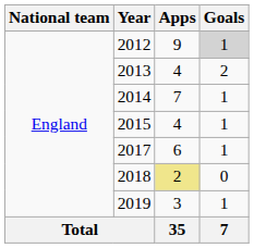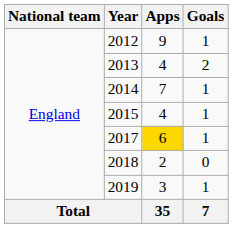 <table class="wikitable" style="text-align: center;">
 <tr>
 <th>National team</th>
 <th>Year</th>
 <th>Apps</th>
 <th>Goals</th>
 </tr>
 <tr>
 <td rowspan="7"><a href='#'>England</a></td>
 <td>2012</td>
 <td>9</td>
-<td style="background: lightgrey;">1</td>
+<td>1</td>
 </tr>
 <tr>
 <td>2013</td>
 <td>4</td>
 <td>2</td>
 </tr>
 <tr>
 <td>2014</td>
 <td>7</td>
 <td>1</td>
 </tr>
 <tr>
 <td>2015</td>
 <td>4</td>
 <td>1</td>
 </tr>
 <tr>
 <td>2017</td>
-<td>6</td>
+<td style="background: gold;">6</td>
 <td>1</td>
 </tr>
 <tr>
 <td>2018</td>
-<td style="background: khaki;">2</td>
+<td>2</td>
 <td>0</td>
 </tr>
 <tr>
 <td>2019</td>
 <td>3</td>
 <td>1</td>
 </tr>
 <tr>
 <th colspan="2">Total</th>
 <th>35</th>
 <th>7</th>
 </tr>
 </table>
